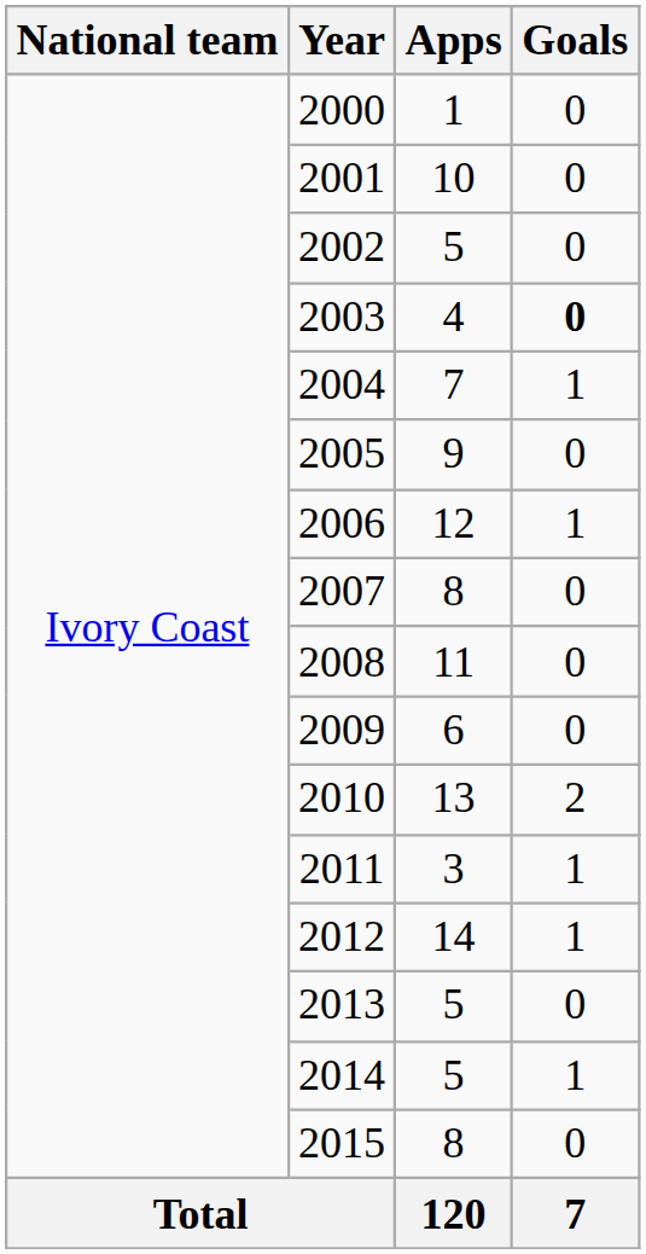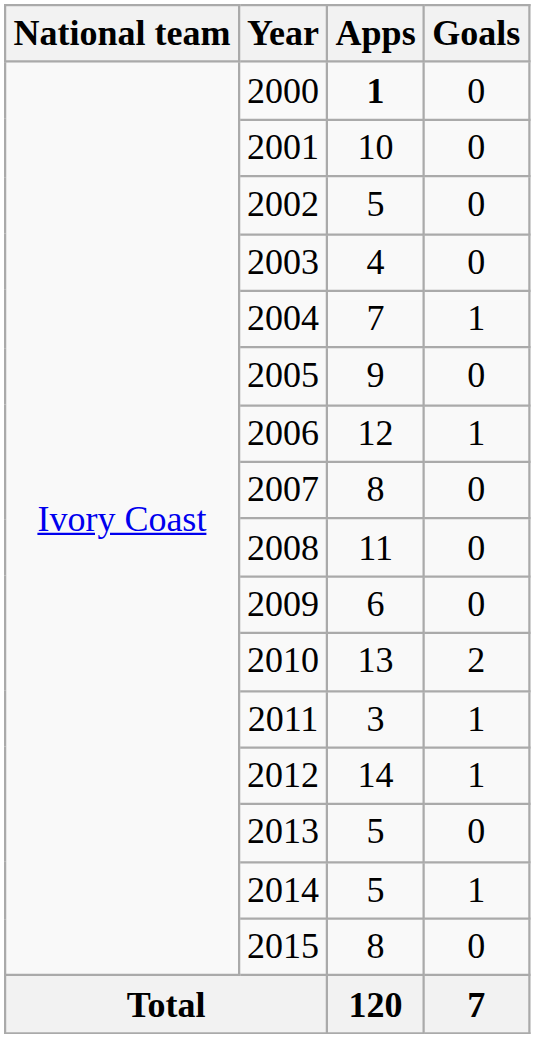 <table class=wikitable style=text-align:center>
 <tr>
 <th>National team</th>
 <th>Year</th>
 <th>Apps</th>
 <th>Goals</th>
 </tr>
 <tr>
 <td rowspan="16"><a href='#'>Ivory Coast</a></td>
 <td>2000</td>
-<td>1</td>
+<td><strong>1</strong></td>
 <td>0</td>
 </tr>
 <tr>
 <td>2001</td>
 <td>10</td>
 <td>0</td>
 </tr>
 <tr>
 <td>2002</td>
 <td>5</td>
 <td>0</td>
 </tr>
 <tr>
 <td>2003</td>
 <td>4</td>
-<td><strong>0</strong></td>
+<td>0</td>
 </tr>
 <tr>
 <td>2004</td>
 <td>7</td>
 <td>1</td>
 </tr>
 <tr>
 <td>2005</td>
 <td>9</td>
 <td>0</td>
 </tr>
 <tr>
 <td>2006</td>
 <td>12</td>
 <td>1</td>
 </tr>
 <tr>
 <td>2007</td>
 <td>8</td>
 <td>0</td>
 </tr>
 <tr>
 <td>2008</td>
 <td>11</td>
 <td>0</td>
 </tr>
 <tr>
 <td>2009</td>
 <td>6</td>
 <td>0</td>
 </tr>
 <tr>
 <td>2010</td>
 <td>13</td>
 <td>2</td>
 </tr>
 <tr>
 <td>2011</td>
 <td>3</td>
 <td>1</td>
 </tr>
 <tr>
 <td>2012</td>
 <td>14</td>
 <td>1</td>
 </tr>
 <tr>
 <td>2013</td>
 <td>5</td>
 <td>0</td>
 </tr>
 <tr>
 <td>2014</td>
 <td>5</td>
 <td>1</td>
 </tr>
 <tr>
 <td>2015</td>
 <td>8</td>
 <td>0</td>
 </tr>
 <tr>
 <th colspan="2">Total</th>
 <th>120</th>
 <th>7</th>
 </tr>
 </table>
